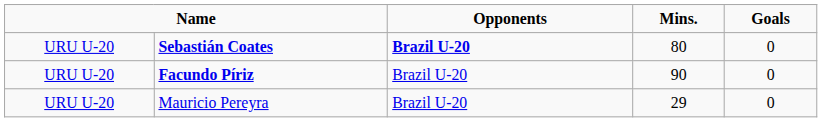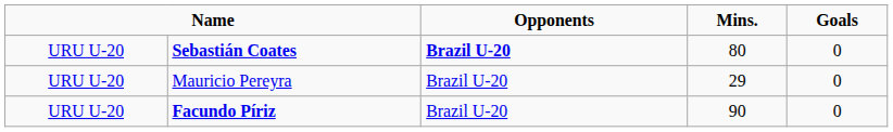 <table class= width=90% border="2" cellpadding="4" cellspacing="0" style="text-align=center: 1em 1em 1em 0; background: #f9f9f9; border: 1px #aaa solid; border-collapse: collapse; font-size: 95%;">
 <tr>
 <th width=25% colspan=2>Name</th>
 <th width=16%>Opponents</th>
 <th width=6%>Mins.</th>
 <th width=6%>Goals</th>
 </tr>
 <tr>
 <td align=center> <a href='#'>URU U-20</a></td>
 <td><strong><a href='#'>Sebastián Coates</a></strong></td>
 <td><strong> <a href='#'>Brazil U-20</a></strong></td>
 <td align=center>80</td>
 <td align=center>0</td>
 </tr>
 <tr>
 <td align=center> <a href='#'>URU U-20</a></td>
+<td><a href='#'>Mauricio Pereyra</a></td>
+<td> <a href='#'>Brazil U-20</a></td>
+<td align=center>29</td>
+<td align=center>0</td>
+</tr>
+<tr>
+<td align=center> <a href='#'>URU U-20</a></td>
 <td><strong><a href='#'>Facundo Píriz</a></strong></td>
 <td> <a href='#'>Brazil U-20</a></td>
 <td align=center>90</td>
 <td align=center>0</td>
 </tr>
-<tr>
-<td align=center> <a href='#'>URU U-20</a></td>
-<td><a href='#'>Mauricio Pereyra</a></td>
-<td> <a href='#'>Brazil U-20</a></td>
-<td align=center>29</td>
-<td align=center>0</td>
-</tr>
 </table>
